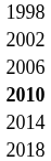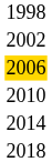 <table>
 <tr>
 <td rowspan=2>1998</td>
 <td rowspan=2></td>
 <td rowspan=2></td>
 <td></td>
 </tr>
 <tr>
 <td></td>
 </tr>
 <tr>
 <td rowspan=2>2002</td>
 <td rowspan=2></td>
 <td rowspan=2></td>
 <td></td>
 </tr>
 <tr>
 <td></td>
 </tr>
 <tr>
-<td>2006</td>
+<td style="background: gold;">2006</td>
 <td></td>
 <td></td>
 <td></td>
 </tr>
 <tr>
-<td><strong>2010<br></strong></td>
+<td>2010<br></td>
 <td></td>
 <td></td>
 <td></td>
 </tr>
 <tr>
 <td>2014<br></td>
 <td></td>
 <td></td>
 <td></td>
 </tr>
 <tr>
 <td>2018<br></td>
 <td></td>
 <td></td>
 <td></td>
 </tr>
 </table>
